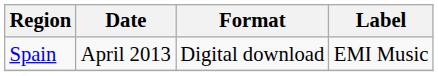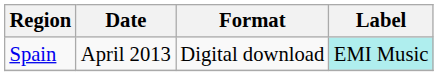 <table class=wikitable>
 <tr>
 <th>Region</th>
 <th>Date</th>
 <th>Format</th>
 <th>Label</th>
 </tr>
 <tr>
 <td><a href='#'>Spain</a></td>
 <td>April 2013</td>
 <td>Digital download</td>
-<td>EMI Music</td>
+<td style="background: paleturquoise;">EMI Music</td>
 </tr>
 <tr>
 </tr>
 </table>
